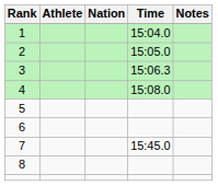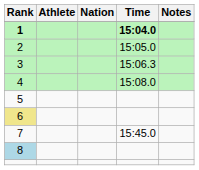 <table class="wikitable sortable" style="text-align:center">
 <tr>
 <th>Rank</th>
 <th>Athlete</th>
 <th>Nation</th>
 <th>Time</th>
 <th>Notes</th>
 </tr>
 <tr>
 </tr>
 <tr bgcolor=bbf3bb>
-<td>1</td>
+<td><strong>1</strong></td>
 <td align=left></td>
 <td align=left></td>
-<td>15:04.0</td>
+<td><strong>15:04.0</strong></td>
 <td></td>
 </tr>
 <tr bgcolor=bbf3bb>
 <td>2</td>
 <td align=left></td>
 <td align=left></td>
 <td>15:05.0</td>
 <td></td>
 </tr>
 <tr bgcolor=bbf3bb>
 <td>3</td>
 <td align=left></td>
 <td align=left></td>
 <td>15:06.3</td>
 <td></td>
 </tr>
 <tr bgcolor=bbf3bb>
 <td>4</td>
 <td align=left></td>
 <td align=left></td>
 <td>15:08.0</td>
 <td></td>
 </tr>
 <tr>
 <td>5</td>
 <td align=left></td>
 <td align=left></td>
 <td></td>
 <td></td>
 </tr>
 <tr>
-<td>6</td>
+<td style="background: khaki;">6</td>
 <td align=left></td>
 <td align=left></td>
 <td></td>
 <td></td>
 </tr>
 <tr>
 <td>7</td>
 <td align=left></td>
 <td align=left></td>
 <td>15:45.0</td>
 <td></td>
 </tr>
 <tr>
-<td>8</td>
+<td style="background: lightblue;">8</td>
 <td align=left></td>
 <td align=left></td>
 <td></td>
 <td></td>
 </tr>
 <tr>
 <td></td>
 <td align=left></td>
 <td align=left></td>
 <td></td>
 <td></td>
 </tr>
 </table>
